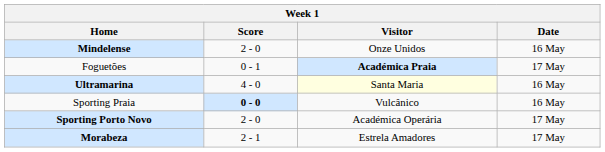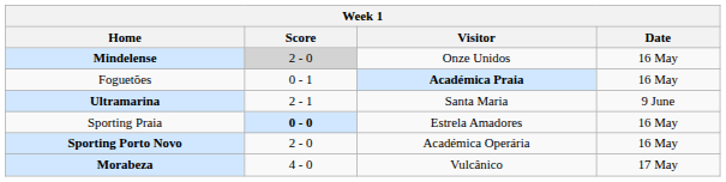 <table class="wikitable" style="font-size:95%; text-align: center; width: 95%;">
 <tr>
 <th colspan="12" style="with: 100%;" align=center>Week 1</th>
 </tr>
 <tr>
 <th width="200">Home</th>
 <th width="90">Score</th>
 <th width="200">Visitor</th>
 <th width="100">Date</th>
 </tr>
 <tr align=center>
 <td bgcolor=#D0E7FF><strong>Mindelense</strong></td>
-<td>2 - 0</td>
+<td style="background: lightgrey;">2 - 0</td>
 <td>Onze Unidos</td>
 <td>16 May</td>
 </tr>
 <tr align=center>
 <td>Foguetões</td>
 <td>0 - 1</td>
 <td bgcolor=#D0E7FF><strong>Académica Praia</strong></td>
-<td>17 May</td>
+<td>16 May</td>
 </tr>
 <tr align=center>
 <td bgcolor=#D0E7FF><strong>Ultramarina</strong></td>
-<td>4 - 0</td>
-<td style="background: lightyellow;">Santa Maria</td>
-<td>16 May</td>
+<td>2 - 1</td>
+<td>Santa Maria</td>
+<td>9 June</td>
 </tr>
 <tr align=center>
 <td>Sporting Praia</td>
 <td bgcolor=#D0E7FF><strong>0 - 0</strong></td>
-<td>Vulcânico</td>
+<td>Estrela Amadores</td>
 <td>16 May</td>
 </tr>
 <tr align=center>
 <td bgcolor=#D0E7FF><strong>Sporting Porto Novo</strong></td>
 <td>2 - 0</td>
 <td>Académica Operária</td>
-<td>17 May</td>
+<td>16 May</td>
 </tr>
 <tr align=center>
 <td bgcolor=#D0E7FF><strong>Morabeza</strong></td>
-<td>2 - 1</td>
-<td>Estrela Amadores</td>
+<td>4 - 0</td>
+<td>Vulcânico</td>
 <td>17 May</td>
 </tr>
 </table>
